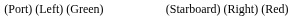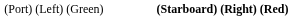 <table width="385">
 <tr>
 <td colspan="2"></td>
 </tr>
 <tr>
 <td style="text-align: left">(Port) (Left) (Green)</td>
-<td style="text-align: right">(Starboard) (Right) (Red)</td>
+<td style="text-align: right"><strong>(Starboard) (Right) (Red)</strong></td>
 </tr>
 </table>
